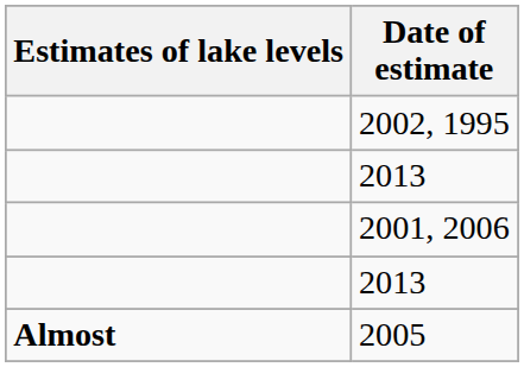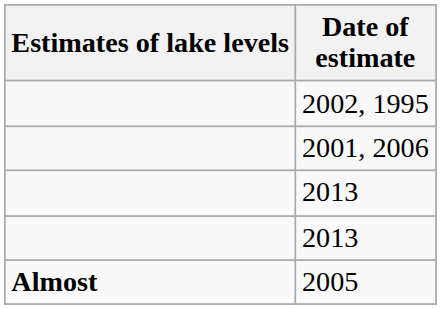 <table class="wikitable sortable">
 <tr>
 <th>Estimates of lake levels</th>
 <th>Date of<br>estimate</th>
 </tr>
 <tr>
 <td></td>
 <td>2002, 1995</td>
 </tr>
 <tr>
 <td></td>
-<td>2013</td>
+<td>2001, 2006</td>
 </tr>
 <tr>
 <td></td>
-<td>2001, 2006</td>
+<td>2013</td>
 </tr>
 <tr>
 <td></td>
 <td>2013</td>
 </tr>
 <tr>
 <td><strong>Almost </strong></td>
 <td>2005</td>
 </tr>
 </table>
